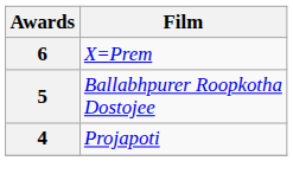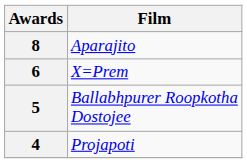 <table class="wikitable" style="display:inline-table;">
 <tr>
 <th>Awards</th>
 <th>Film</th>
+</tr>
+<tr>
+<th>8</th>
+<td><em><a href='#'>Aparajito</a></em></td>
 </tr>
 <tr>
 <th>6</th>
 <td><em><a href='#'>X=Prem</a></em></td>
 </tr>
 <tr>
 <th>5</th>
 <td><em><a href='#'>Ballabhpurer Roopkotha</a></em><br><em><a href='#'>Dostojee</a></em></td>
 </tr>
 <tr>
 <th>4</th>
 <td><em><a href='#'>Projapoti</a></em></td>
 </tr>
 <tr>
 </tr>
 </table>
